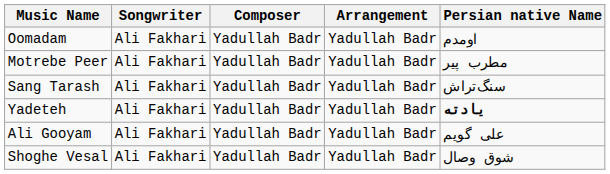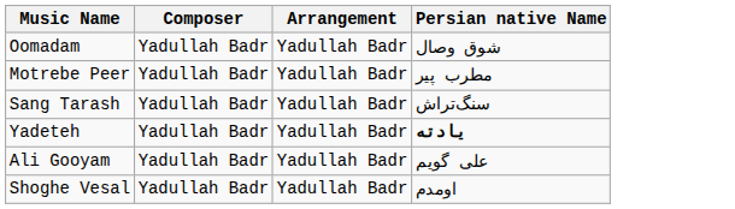 <table class="wikitable">
 <tr>
 <th>Music Name</th>
-<th>Songwriter</th>
 <th>Composer</th>
 <th>Arrangement</th>
 <th>Persian native Name</th>
 </tr>
 <tr>
 <td>Oomadam</td>
-<td>Ali Fakhari</td>
 <td>Yadullah Badr</td>
 <td>Yadullah Badr</td>
-<td>اومدم</td>
+<td>شوق وصال</td>
 </tr>
 <tr>
 <td>Motrebe Peer</td>
-<td>Ali Fakhari</td>
 <td>Yadullah Badr</td>
 <td>Yadullah Badr</td>
 <td>مطرب پیر</td>
 </tr>
 <tr>
 <td>Sang Tarash</td>
-<td>Ali Fakhari</td>
 <td>Yadullah Badr</td>
 <td>Yadullah Badr</td>
 <td>سنگ‌تراش</td>
 </tr>
 <tr>
 <td>Yadeteh</td>
-<td>Ali Fakhari</td>
 <td>Yadullah Badr</td>
 <td>Yadullah Badr</td>
 <td><strong>یادته</strong></td>
 </tr>
 <tr>
 <td>Ali Gooyam</td>
-<td>Ali Fakhari</td>
 <td>Yadullah Badr</td>
 <td>Yadullah Badr</td>
 <td>علی گویم</td>
 </tr>
 <tr>
 <td>Shoghe Vesal</td>
-<td>Ali Fakhari</td>
 <td>Yadullah Badr</td>
 <td>Yadullah Badr</td>
-<td>شوق وصال</td>
+<td>اومدم</td>
 </tr>
 </table>
